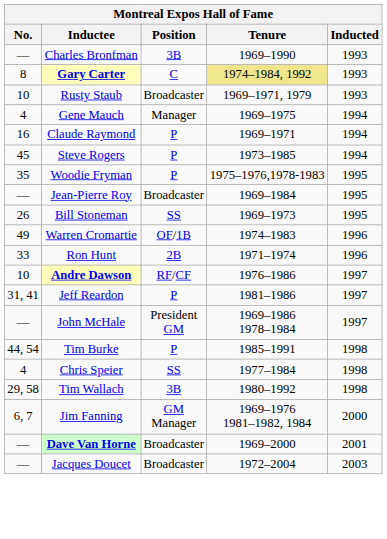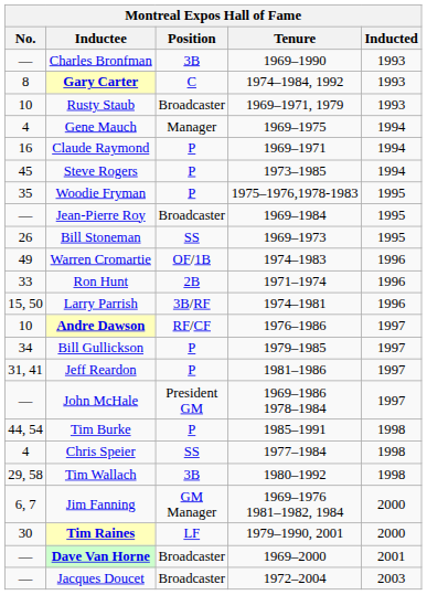 <table class="wikitable" style="text-align:center">
 <tr>
 <th colspan=5>Montreal Expos Hall of Fame</th>
 </tr>
 <tr>
 <th>No.</th>
 <th>Inductee</th>
 <th>Position</th>
 <th>Tenure</th>
 <th>Inducted</th>
 </tr>
 <tr>
 <td>—</td>
 <td><a href='#'>Charles Bronfman</a></td>
 <td><a href='#'>3B</a></td>
 <td>1969–1990</td>
 <td>1993</td>
 </tr>
 <tr>
 <td>8</td>
 <td style="background:#ffb;"><strong><a href='#'>Gary Carter</a></strong></td>
 <td><a href='#'>C</a></td>
-<td style="background: khaki;">1974–1984, 1992</td>
+<td>1974–1984, 1992</td>
 <td>1993</td>
 </tr>
 <tr>
 <td>10</td>
 <td><a href='#'>Rusty Staub</a></td>
 <td>Broadcaster</td>
 <td>1969–1971, 1979</td>
 <td>1993</td>
 </tr>
 <tr>
 <td>4</td>
 <td><a href='#'>Gene Mauch</a></td>
 <td>Manager</td>
 <td>1969–1975</td>
 <td>1994</td>
 </tr>
 <tr>
 <td>16</td>
 <td><a href='#'>Claude Raymond</a></td>
 <td><a href='#'>P</a></td>
 <td>1969–1971</td>
 <td>1994</td>
 </tr>
 <tr>
 <td>45</td>
 <td><a href='#'>Steve Rogers</a></td>
 <td><a href='#'>P</a></td>
 <td>1973–1985</td>
 <td>1994</td>
 </tr>
 <tr>
 <td>35</td>
 <td><a href='#'>Woodie Fryman</a></td>
 <td><a href='#'>P</a></td>
 <td>1975–1976,1978-1983</td>
 <td>1995</td>
 </tr>
 <tr>
 <td>—</td>
 <td><a href='#'>Jean-Pierre Roy</a></td>
 <td>Broadcaster</td>
 <td>1969–1984</td>
 <td>1995</td>
 </tr>
 <tr>
 <td>26</td>
 <td><a href='#'>Bill Stoneman</a></td>
 <td><a href='#'>SS</a></td>
 <td>1969–1973</td>
 <td>1995</td>
 </tr>
 <tr>
 <td>49</td>
 <td><a href='#'>Warren Cromartie</a></td>
 <td><a href='#'>OF</a>/<a href='#'>1B</a></td>
 <td>1974–1983</td>
 <td>1996</td>
 </tr>
 <tr>
 <td>33</td>
 <td><a href='#'>Ron Hunt</a></td>
 <td><a href='#'>2B</a></td>
 <td>1971–1974</td>
 <td>1996</td>
 </tr>
 <tr>
+<td>15, 50</td>
+<td><a href='#'>Larry Parrish</a></td>
+<td><a href='#'>3B</a>/<a href='#'>RF</a></td>
+<td>1974–1981</td>
+<td>1996</td>
+</tr>
+<tr>
 <td>10</td>
 <td style="background:#ffb;"><strong><a href='#'>Andre Dawson</a></strong></td>
 <td><a href='#'>RF</a>/<a href='#'>CF</a></td>
 <td>1976–1986</td>
+<td>1997</td>
+</tr>
+<tr>
+<td>34</td>
+<td><a href='#'>Bill Gullickson</a></td>
+<td><a href='#'>P</a></td>
+<td>1979–1985</td>
 <td>1997</td>
 </tr>
 <tr>
 <td>31, 41</td>
 <td><a href='#'>Jeff Reardon</a></td>
 <td><a href='#'>P</a></td>
 <td>1981–1986</td>
 <td>1997</td>
 </tr>
 <tr>
 <td>—</td>
 <td><a href='#'>John McHale</a></td>
 <td>President<br><a href='#'>GM</a></td>
 <td>1969–1986<br>1978–1984</td>
 <td>1997</td>
 </tr>
 <tr>
 <td>44, 54</td>
 <td><a href='#'>Tim Burke</a></td>
 <td><a href='#'>P</a></td>
 <td>1985–1991</td>
 <td>1998</td>
 </tr>
 <tr>
 <td>4</td>
 <td><a href='#'>Chris Speier</a></td>
 <td><a href='#'>SS</a></td>
 <td>1977–1984</td>
 <td>1998</td>
 </tr>
 <tr>
 <td>29, 58</td>
 <td><a href='#'>Tim Wallach</a></td>
 <td><a href='#'>3B</a></td>
 <td>1980–1992</td>
 <td>1998</td>
 </tr>
 <tr>
 <td>6, 7</td>
 <td><a href='#'>Jim Fanning</a></td>
 <td><a href='#'>GM</a><br>Manager</td>
 <td>1969–1976<br>1981–1982, 1984</td>
 <td>2000</td>
 </tr>
 <tr>
+<td>30</td>
+<td style="background:#ffb;"><strong><a href='#'>Tim Raines</a></strong></td>
+<td><a href='#'>LF</a></td>
+<td>1979–1990, 2001</td>
+<td>2000</td>
+</tr>
+<tr>
 <td>—</td>
 <td style="background:#cfc;"><strong><a href='#'>Dave Van Horne</a></strong></td>
 <td>Broadcaster</td>
 <td>1969–2000</td>
 <td>2001</td>
 </tr>
 <tr>
 <td>—</td>
 <td><a href='#'>Jacques Doucet</a></td>
 <td>Broadcaster</td>
 <td>1972–2004</td>
 <td>2003</td>
 </tr>
 </table>
